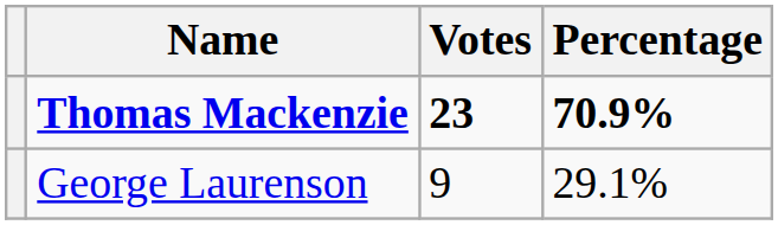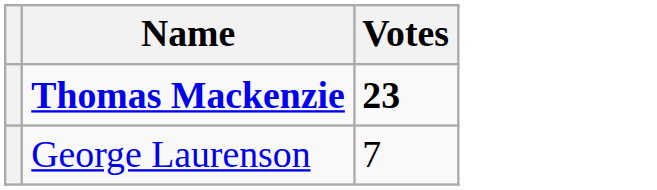 <table class="wikitable">
 <tr>
 <th></th>
 <th>Name</th>
 <th>Votes</th>
-<th>Percentage</th>
 </tr>
 <tr>
 <th style="background-color: "></th>
 <td><strong><a href='#'>Thomas Mackenzie</a></strong></td>
 <td><strong>23</strong></td>
-<td><strong>70.9%</strong></td>
 </tr>
 <tr>
 <th style="background-color: "></th>
 <td><a href='#'>George Laurenson</a></td>
-<td>9</td>
-<td>29.1%</td>
+<td>7</td>
 </tr>
 </table>
